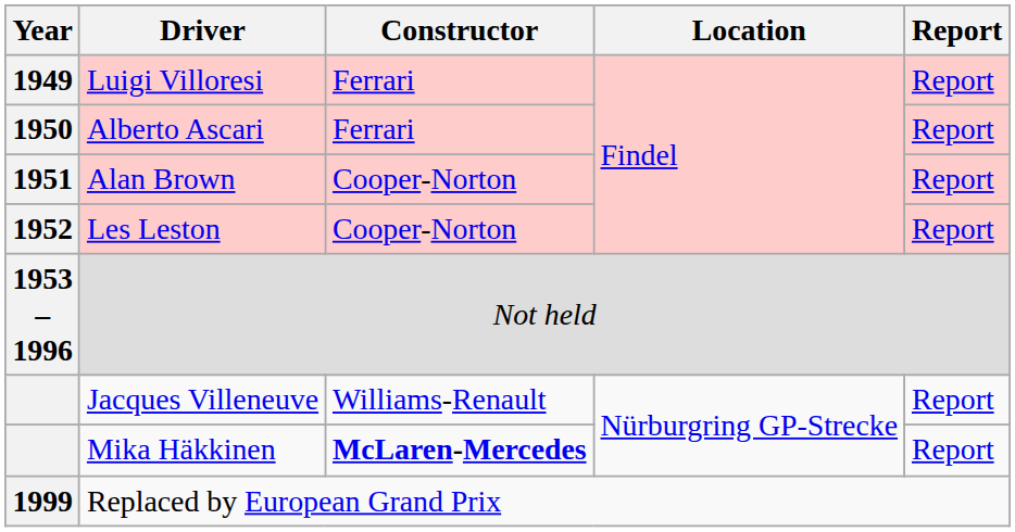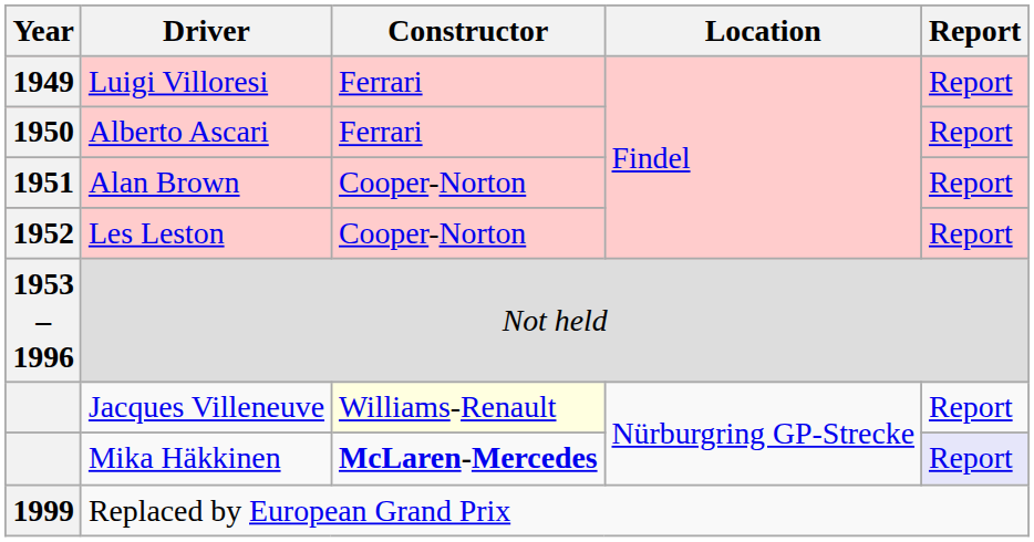 <table class="wikitable" style="font-size: 95%;">
 <tr>
 <th>Year</th>
 <th>Driver</th>
 <th>Constructor</th>
 <th>Location</th>
 <th>Report</th>
 </tr>
 <tr style="background:#FFCCCC;">
 <th>1949</th>
 <td> <a href='#'>Luigi Villoresi</a></td>
 <td><a href='#'>Ferrari</a></td>
 <td rowspan="4"><a href='#'>Findel</a></td>
 <td><a href='#'>Report</a></td>
 </tr>
 <tr style="background:#FFCCCC;">
 <th>1950</th>
 <td> <a href='#'>Alberto Ascari</a></td>
 <td><a href='#'>Ferrari</a></td>
 <td><a href='#'>Report</a></td>
 </tr>
 <tr style="background:#FFCCCC;">
 <th>1951</th>
 <td> <a href='#'>Alan Brown</a></td>
 <td><a href='#'>Cooper</a>-<a href='#'>Norton</a></td>
 <td><a href='#'>Report</a></td>
 </tr>
 <tr style="background:#FFCCCC;">
 <th>1952</th>
 <td> <a href='#'>Les Leston</a></td>
 <td><a href='#'>Cooper</a>-<a href='#'>Norton</a></td>
 <td><a href='#'>Report</a></td>
 </tr>
 <tr style="background:#DDDDDD;">
 <th>1953<br>–<br>1996</th>
 <td align=center colspan=4><em>Not held</em></td>
 </tr>
 <tr>
 <th></th>
 <td> <a href='#'>Jacques Villeneuve</a></td>
-<td><a href='#'>Williams</a>-<a href='#'>Renault</a></td>
+<td style="background: lightyellow;"><a href='#'>Williams</a>-<a href='#'>Renault</a></td>
 <td rowspan="2"><a href='#'>Nürburgring GP-Strecke</a></td>
 <td><a href='#'>Report</a></td>
 </tr>
 <tr>
 <th></th>
 <td> <a href='#'>Mika Häkkinen</a></td>
 <td><strong><a href='#'>McLaren</a>-<a href='#'>Mercedes</a></strong></td>
-<td><a href='#'>Report</a></td>
+<td style="background: lavender;"><a href='#'>Report</a></td>
 </tr>
 <tr>
 <th>1999</th>
 <td colspan="4">Replaced by <a href='#'>European Grand Prix</a></td>
 </tr>
 </table>
